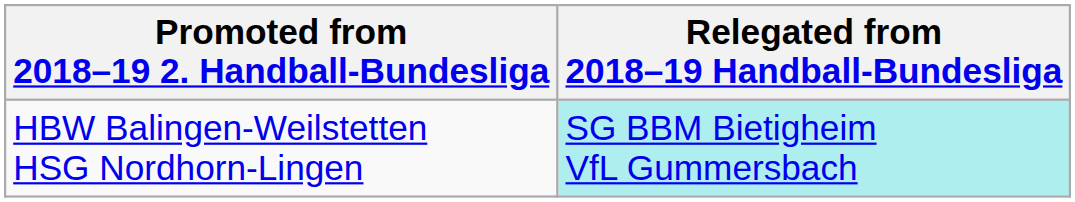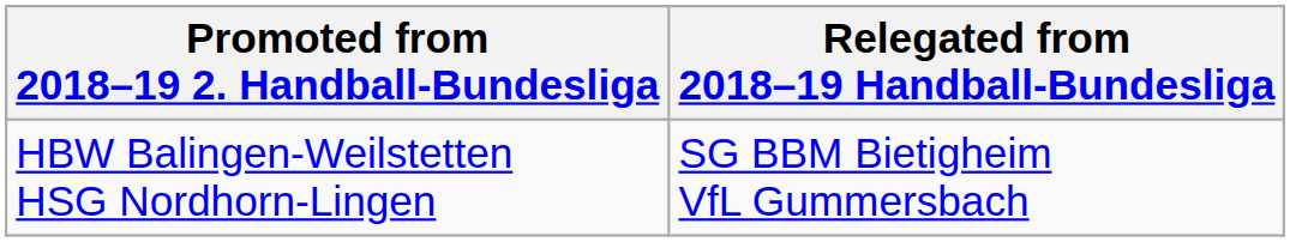 <table class="wikitable">
 <tr>
 <th>Promoted from<br><a href='#'>2018–19 2. Handball-Bundesliga</a></th>
 <th>Relegated from<br><a href='#'>2018–19 Handball-Bundesliga</a></th>
 </tr>
 <tr>
 <td><a href='#'>HBW Balingen-Weilstetten</a><br><a href='#'>HSG Nordhorn-Lingen</a></td>
-<td style="background: paleturquoise;"><a href='#'>SG BBM Bietigheim</a><br><a href='#'>VfL Gummersbach</a></td>
+<td><a href='#'>SG BBM Bietigheim</a><br><a href='#'>VfL Gummersbach</a></td>
 </tr>
 </table>
